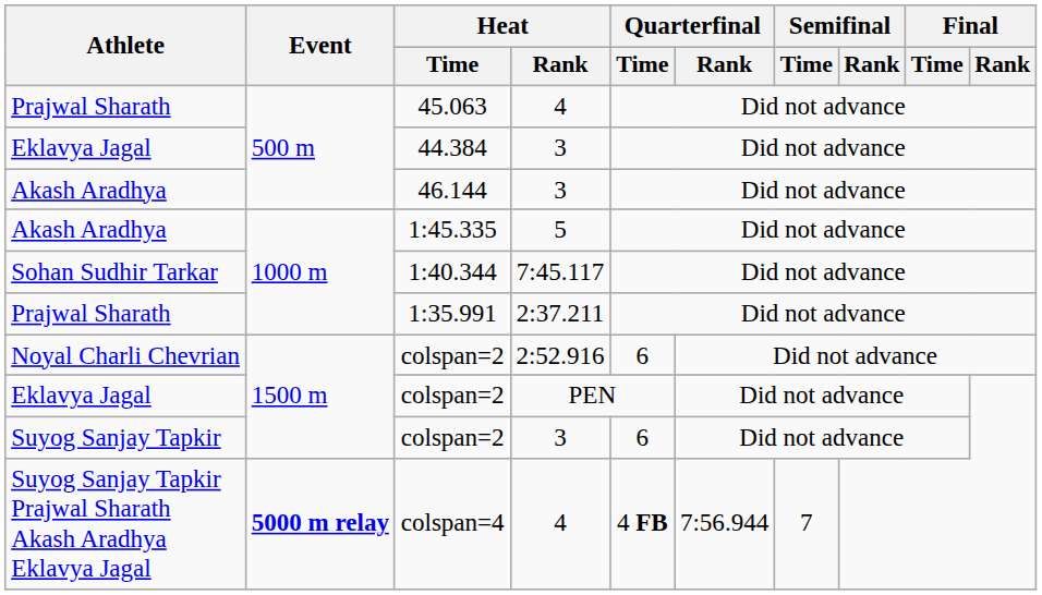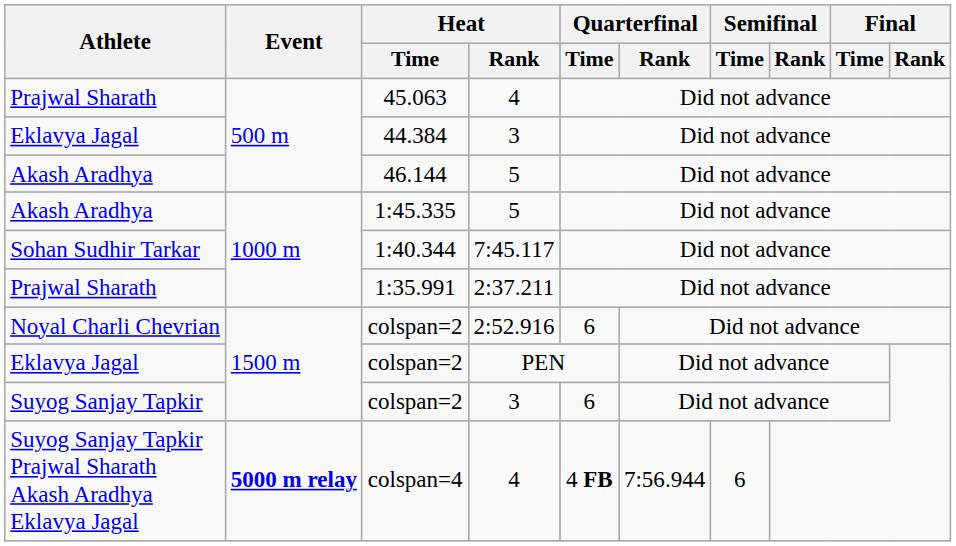 <table class="wikitable" style="font-size:90%">
 <tr>
 <th rowspan=2>Athlete</th>
 <th rowspan=2>Event</th>
 <th colspan=2>Heat</th>
 <th colspan=2>Quarterfinal</th>
 <th colspan=2>Semifinal</th>
 <th colspan=2>Final</th>
 </tr>
 <tr style="font-size:95%">
 <th>Time</th>
 <th>Rank</th>
 <th>Time</th>
 <th>Rank</th>
 <th>Time</th>
 <th>Rank</th>
 <th>Time</th>
 <th>Rank</th>
 </tr>
 <tr align=center>
 <td align=left><a href='#'>Prajwal Sharath</a></td>
 <td align=left rowspan=3><a href='#'>500 m</a></td>
 <td>45.063</td>
 <td>4</td>
 <td colspan=6>Did not advance</td>
 </tr>
 <tr align=center>
 <td align=left><a href='#'>Eklavya Jagal</a></td>
 <td>44.384</td>
 <td>3</td>
 <td colspan=6>Did not advance</td>
 </tr>
 <tr align=center>
 <td align=left><a href='#'>Akash Aradhya</a></td>
 <td>46.144</td>
-<td>3</td>
+<td>5</td>
 <td colspan=6>Did not advance</td>
 </tr>
 <tr align=center>
 <td align=left><a href='#'>Akash Aradhya</a></td>
 <td align=left rowspan=3><a href='#'>1000 m</a></td>
 <td>1:45.335</td>
 <td>5</td>
 <td colspan=6>Did not advance</td>
 </tr>
 <tr align=center>
 <td align=left><a href='#'>Sohan Sudhir Tarkar</a></td>
 <td>1:40.344</td>
 <td>7:45.117</td>
 <td colspan=6>Did not advance</td>
 </tr>
 <tr align=center>
 <td align=left><a href='#'>Prajwal Sharath</a></td>
 <td>1:35.991</td>
 <td>2:37.211</td>
 <td colspan=6>Did not advance</td>
 </tr>
 <tr align=center>
 <td align=left><a href='#'>Noyal Charli Chevrian</a></td>
 <td align=left rowspan=3><a href='#'>1500 m</a></td>
 <td>colspan=2 </td>
 <td>2:52.916</td>
 <td>6</td>
 <td colspan=5>Did not advance</td>
 </tr>
 <tr align=center>
 <td align=left><a href='#'>Eklavya Jagal</a></td>
 <td>colspan=2 </td>
 <td colspan=2>PEN</td>
 <td colspan=4>Did not advance</td>
 </tr>
 <tr align=center>
 <td align=left><a href='#'>Suyog Sanjay Tapkir</a></td>
 <td>colspan=2 </td>
 <td>3</td>
 <td>6</td>
 <td colspan=4>Did not advance</td>
 </tr>
 <tr align=center>
 <td align=left><a href='#'>Suyog Sanjay Tapkir</a><br><a href='#'>Prajwal Sharath</a><br><a href='#'>Akash Aradhya</a><br><a href='#'>Eklavya Jagal</a></td>
 <td align=left><strong><a href='#'>5000 m relay</a></strong></td>
 <td>colspan=4 </td>
 <td>4</td>
 <td>4 <strong>FB</strong></td>
 <td>7:56.944</td>
-<td>7</td>
+<td>6</td>
 </tr>
 </table>
